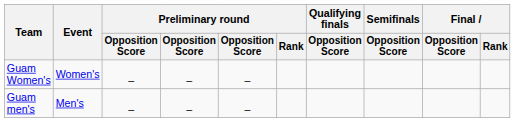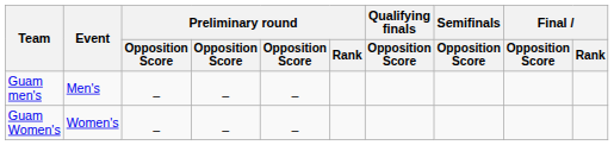 <table class=wikitable style=font-size:90%;text-align:center>
 <tr>
 <th rowspan=2>Team</th>
 <th rowspan=2>Event</th>
 <th colspan=4>Preliminary round</th>
 <th>Qualifying finals</th>
 <th>Semifinals</th>
 <th colspan=2>Final / </th>
 </tr>
 <tr style=font-size:95%>
 <th>Opposition<br>Score</th>
 <th>Opposition<br>Score</th>
 <th>Opposition<br>Score</th>
 <th>Rank</th>
 <th>Opposition<br>Score</th>
 <th>Opposition<br>Score</th>
 <th>Opposition<br>Score</th>
 <th>Rank</th>
 </tr>
 <tr>
+<td align=left><a href='#'>Guam men's</a></td>
+<td align=left><a href='#'>Men's</a></td>
+<td><br> –</td>
+<td><br> –</td>
+<td><br> –</td>
+<td></td>
+<td></td>
+<td></td>
+<td></td>
+<td></td>
+</tr>
+<tr>
 <td align=left><a href='#'>Guam Women's</a></td>
 <td align=left><a href='#'>Women's</a></td>
 <td><br> –</td>
 <td><br> –</td>
 <td><br> –</td>
 <td></td>
 <td></td>
 <td></td>
 <td></td>
 <td></td>
 </tr>
-<tr>
-<td align=left><a href='#'>Guam men's</a></td>
-<td align=left><a href='#'>Men's</a></td>
-<td><br> –</td>
-<td><br> –</td>
-<td><br> –</td>
-<td></td>
-<td></td>
-<td></td>
-<td></td>
-<td></td>
-</tr>
 </table>
